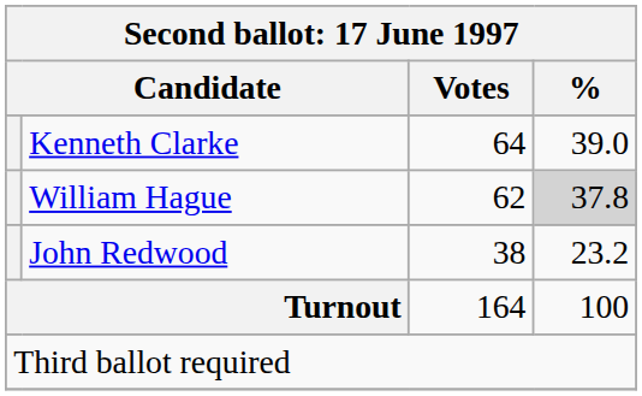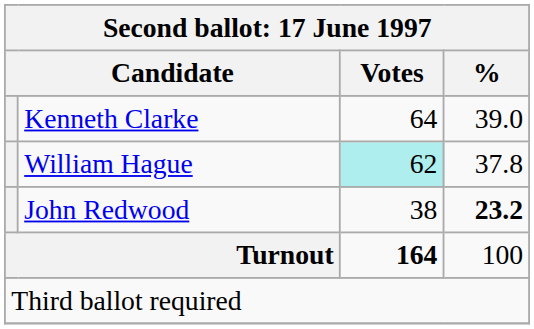 <table class="wikitable" style="font-size:95%;">
 <tr>
 <th colspan="4">Second ballot: 17 June 1997</th>
 </tr>
 <tr>
 <th colspan="2" style="width: 170px">Candidate</th>
 <th style="width: 50px">Votes</th>
 <th style="width: 40px">%</th>
 </tr>
 <tr>
 <th style="background-color: "></th>
 <td style="width: 170px"><a href='#'>Kenneth Clarke</a></td>
 <td align="right">64</td>
 <td align="right">39.0</td>
 </tr>
 <tr>
 <th style="background-color: "></th>
 <td style="width: 170px"><a href='#'>William Hague</a></td>
-<td align="right">62</td>
-<td align="right" style="background: lightgrey;">37.8</td>
+<td align="right" style="background: paleturquoise;">62</td>
+<td align="right">37.8</td>
 </tr>
 <tr>
 <th style="background-color: "></th>
 <td style="width: 170px"><a href='#'>John Redwood</a></td>
 <td align="right">38</td>
-<td align="right">23.2</td>
+<td align="right"><strong>23.2</strong></td>
 </tr>
 <tr>
 <th colspan="2" style="text-align:right">Turnout</th>
-<td align="right">164</td>
+<td align="right"><strong>164</strong></td>
 <td align="right">100</td>
 </tr>
 <tr>
 <td colspan="4">Third ballot required</td>
 </tr>
 <tr>
 </tr>
 </table>
